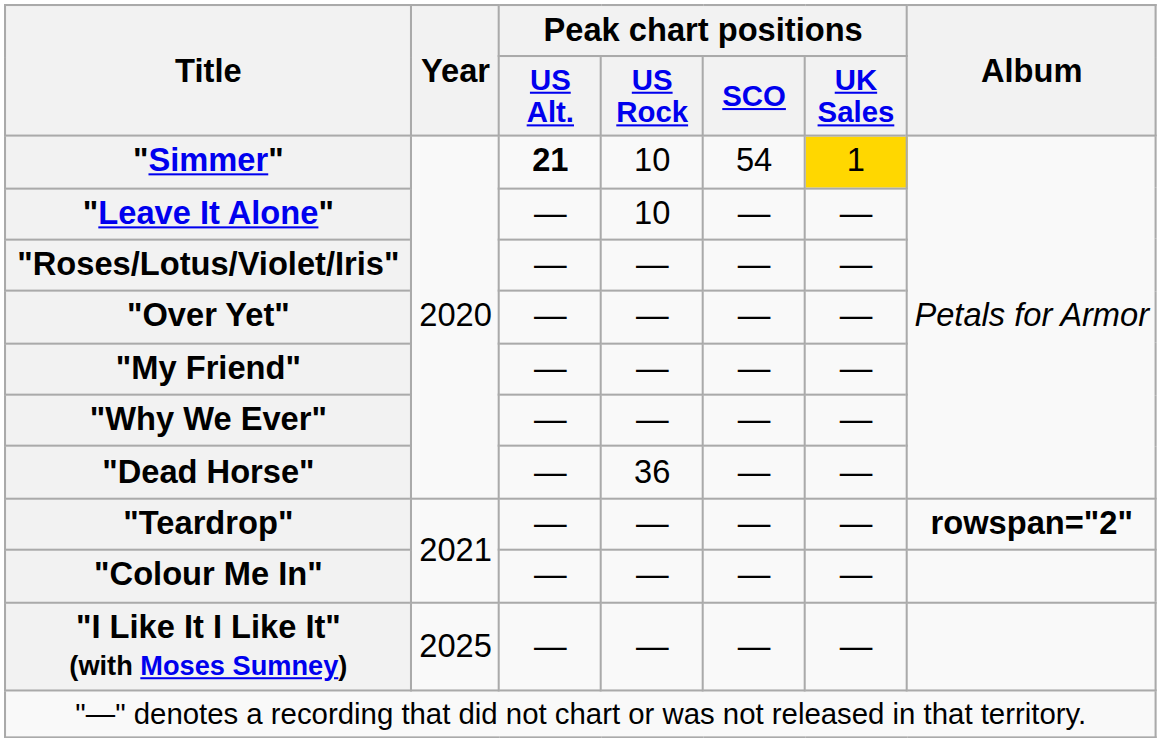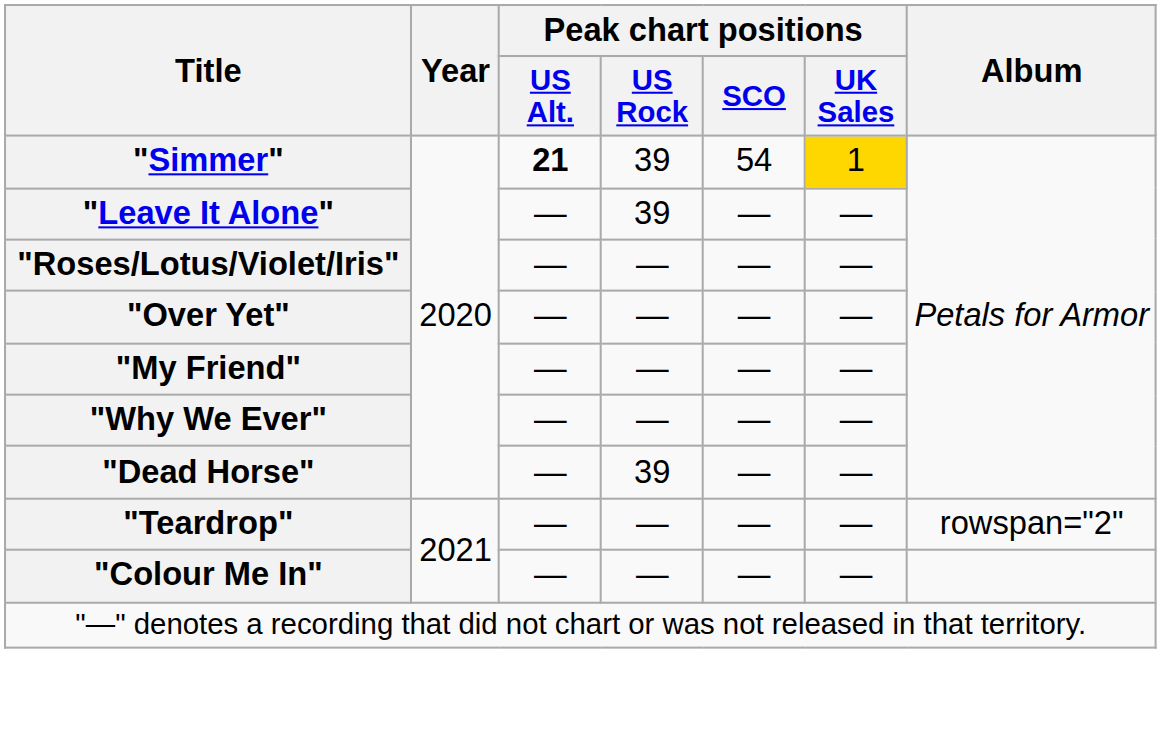 <table class="wikitable plainrowheaders" style="text-align:center;" id="singlestable">
 <tr>
 <th scope="col" rowspan="2" style="width:12em;">Title</th>
 <th scope="col" rowspan="2">Year</th>
 <th scope="col" colspan="4">Peak chart positions</th>
 <th scope="col" rowspan="2">Album</th>
 </tr>
 <tr>
 <th scope="col" style="width:3em;font-size:90%;"><a href='#'>US<br>Alt.</a><br></th>
 <th scope="col" style="width:3em;font-size:90%;"><a href='#'>US<br>Rock</a><br></th>
 <th scope="col" style="width:3em;font-size:90%;"><a href='#'>SCO</a><br></th>
 <th scope="col" style="width:3em;font-size:90%;"><a href='#'>UK<br>Sales</a><br></th>
 </tr>
 <tr>
 <th scope="row">"<a href='#'>Simmer</a>"</th>
 <td rowspan="7">2020</td>
 <td><strong>21</strong></td>
-<td>10</td>
+<td>39</td>
 <td>54</td>
 <td style="background: gold;">1</td>
 <td rowspan="7"><em>Petals for Armor</em></td>
 </tr>
 <tr>
 <th scope="row">"<a href='#'>Leave It Alone</a>"</th>
 <td>—</td>
-<td>10</td>
+<td>39</td>
 <td>—</td>
 <td>—</td>
 </tr>
 <tr>
 <th scope="row">"Roses/Lotus/Violet/Iris"</th>
 <td>—</td>
 <td>—</td>
 <td>—</td>
 <td>—</td>
 </tr>
 <tr>
 <th scope="row">"Over Yet"</th>
 <td>—</td>
 <td>—</td>
 <td>—</td>
 <td>—</td>
 </tr>
 <tr>
 <th scope="row">"My Friend"</th>
 <td>—</td>
 <td>—</td>
 <td>—</td>
 <td>—</td>
 </tr>
 <tr>
 <th scope="row">"Why We Ever"</th>
 <td>—</td>
 <td>—</td>
 <td>—</td>
 <td>—</td>
 </tr>
 <tr>
 <th scope="row">"Dead Horse"</th>
 <td>—</td>
-<td>36</td>
+<td>39</td>
 <td>—</td>
 <td>—</td>
 </tr>
 <tr>
 <th scope="row">"Teardrop"</th>
 <td rowspan="2">2021</td>
 <td>—</td>
 <td>—</td>
 <td>—</td>
 <td>—</td>
-<td><strong>rowspan="2" </strong></td>
+<td>rowspan="2" </td>
 </tr>
 <tr>
 <th scope="row">"Colour Me In"</th>
 <td>—</td>
 <td>—</td>
 <td>—</td>
 <td>—</td>
 </tr>
 <tr>
-<th scope="row">"I Like It I Like It"<br><small>(with <a href='#'>Moses Sumney</a>)</small></th>
-<td>2025</td>
-<td>—</td>
-<td>—</td>
-<td>—</td>
-<td>—</td>
-<td></td>
-</tr>
-<tr>
 <td colspan="7" style="font-size:90%">"—" denotes a recording that did not chart or was not released in that territory.</td>
 </tr>
 </table>
